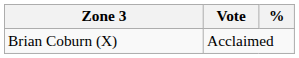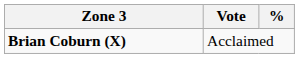 <table class="wikitable">
 <tr>
 <th bgcolor="#DDDDFF" width="200px">Zone 3</th>
 <th bgcolor="#DDDDFF" width="50px">Vote</th>
 <th bgcolor="#DDDDFF" width="30px">%</th>
 </tr>
 <tr>
-<td>Brian Coburn (X)</td>
+<td><strong>Brian Coburn (X)</strong></td>
 <td colspan="2">Acclaimed</td>
 </tr>
 </table>
